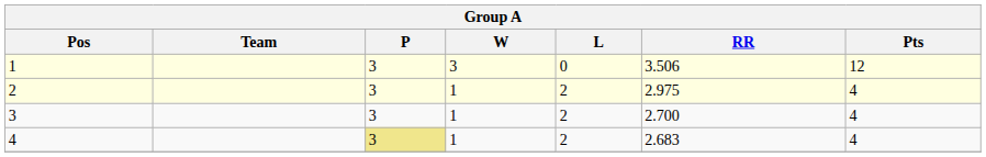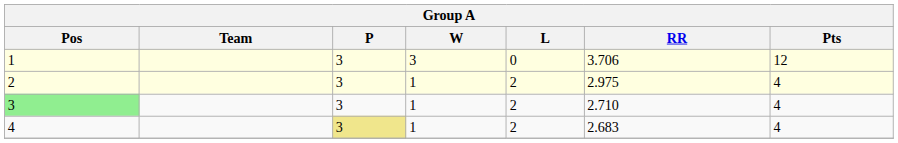 <table class="wikitable" width="80%">
 <tr bgcolor="#efefef">
 <th colspan=7>Group A</th>
 </tr>
 <tr bgcolor="#efefef">
 <th>Pos</th>
 <th>Team</th>
 <th>P</th>
 <th>W</th>
 <th>L</th>
 <th><a href='#'>RR</a></th>
 <th>Pts</th>
 </tr>
 <tr bgcolor="#ffffe0">
 <td>1</td>
 <td></td>
 <td>3</td>
 <td>3</td>
 <td>0</td>
-<td>3.506</td>
+<td>3.706</td>
 <td>12</td>
 </tr>
 <tr bgcolor="#ffffe0">
 <td>2</td>
 <td></td>
 <td>3</td>
 <td>1</td>
 <td>2</td>
 <td>2.975</td>
 <td>4</td>
 </tr>
 <tr>
-<td>3</td>
+<td style="background: lightgreen;">3</td>
 <td></td>
 <td>3</td>
 <td>1</td>
 <td>2</td>
-<td>2.700</td>
+<td>2.710</td>
 <td>4</td>
 </tr>
 <tr>
 <td>4</td>
 <td></td>
 <td style="background: khaki;">3</td>
 <td>1</td>
 <td>2</td>
 <td>2.683</td>
 <td>4</td>
 </tr>
 <tr>
 </tr>
 </table>
